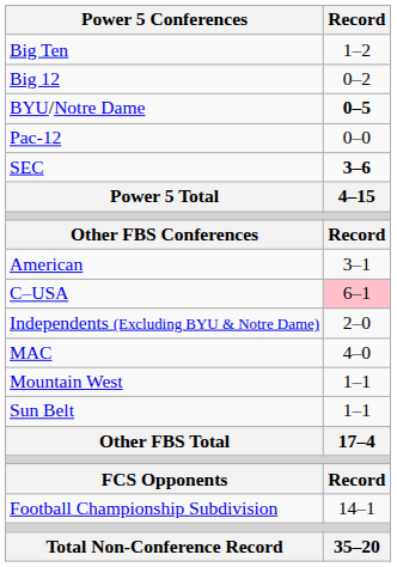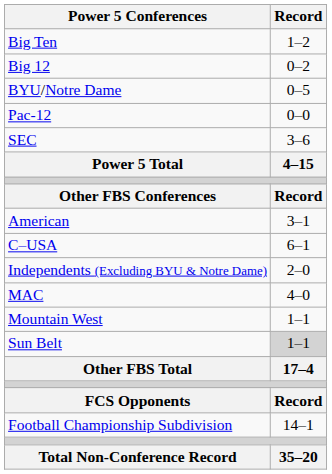 <table class="wikitable">
 <tr>
 <th>Power 5 Conferences</th>
 <th>Record</th>
 </tr>
 <tr>
 <td><a href='#'>Big Ten</a></td>
 <td align=center>1–2</td>
 </tr>
 <tr>
 <td><a href='#'>Big 12</a></td>
 <td align=center>0–2</td>
 </tr>
 <tr>
 <td><a href='#'>BYU</a>/<a href='#'>Notre Dame</a></td>
-<td align=center><strong>0–5</strong></td>
+<td align=center>0–5</td>
 </tr>
 <tr>
 <td><a href='#'>Pac-12</a></td>
 <td align=center>0–0</td>
 </tr>
 <tr>
 <td><a href='#'>SEC</a></td>
-<td align=center><strong>3–6</strong></td>
+<td align=center>3–6</td>
 </tr>
 <tr>
 <th>Power 5 Total</th>
 <th>4–15</th>
 </tr>
 <tr>
 <th colspan="2" style="background:lightgrey;"></th>
 </tr>
 <tr>
 <th>Other FBS Conferences</th>
 <th>Record</th>
 </tr>
 <tr>
 <td><a href='#'>American</a></td>
 <td align=center>3–1</td>
 </tr>
 <tr>
 <td><a href='#'>C–USA</a></td>
-<td align=center style="background: pink;">6–1</td>
+<td align=center>6–1</td>
 </tr>
 <tr>
 <td><a href='#'>Independents <small>(Excluding BYU & Notre Dame)</small></a></td>
 <td align=center>2–0</td>
 </tr>
 <tr>
 <td><a href='#'>MAC</a></td>
 <td align=center>4–0</td>
 </tr>
 <tr>
 <td><a href='#'>Mountain West</a></td>
 <td align=center>1–1</td>
 </tr>
 <tr>
 <td><a href='#'>Sun Belt</a></td>
-<td align=center>1–1</td>
+<td align=center style="background: lightgrey;">1–1</td>
 </tr>
 <tr>
 <th>Other FBS Total</th>
 <th>17–4</th>
 </tr>
 <tr>
 <th colspan="2" style="background:lightgrey;"></th>
 </tr>
 <tr>
 <th>FCS Opponents</th>
 <th>Record</th>
 </tr>
 <tr>
 <td><a href='#'>Football Championship Subdivision</a></td>
 <td align=center>14–1</td>
 </tr>
 <tr>
 <th colspan="2" style="background:lightgrey;"></th>
 </tr>
 <tr>
 <th>Total Non-Conference Record</th>
 <th>35–20</th>
 </tr>
 </table>
